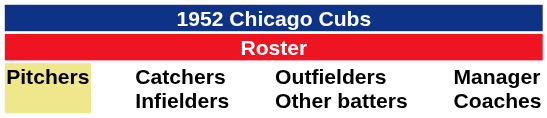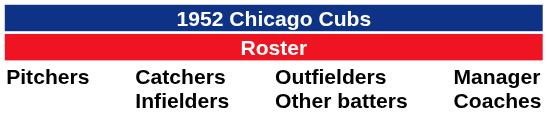 <table class="toccolours" style="font-size: 95%;">
 <tr>
 <th colspan="10" style="background-color: #0e3386; color: white; text-align: center;">1952 Chicago Cubs</th>
 </tr>
 <tr>
 <td colspan="10" style="background-color: #EE1422; color: white; text-align: center;"><strong>Roster</strong></td>
 </tr>
 <tr>
-<td valign="top" style="background: khaki;"><strong>Pitchers</strong><br>             </td>
+<td valign="top"><strong>Pitchers</strong><br>             </td>
 <td width="25px"></td>
 <td valign="top"><strong>Catchers</strong><br>    <strong>Infielders</strong>          </td>
 <td width="25px"></td>
 <td valign="top"><strong>Outfielders</strong><br>     <strong>Other batters</strong>  </td>
 <td width="25px"></td>
 <td valign="top"><strong>Manager</strong><br> <strong>Coaches</strong>   </td>
 </tr>
 <tr>
 </tr>
 </table>
